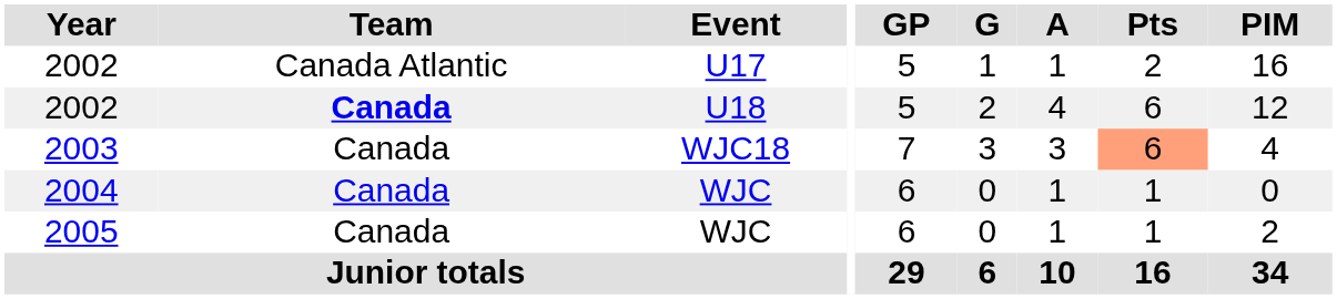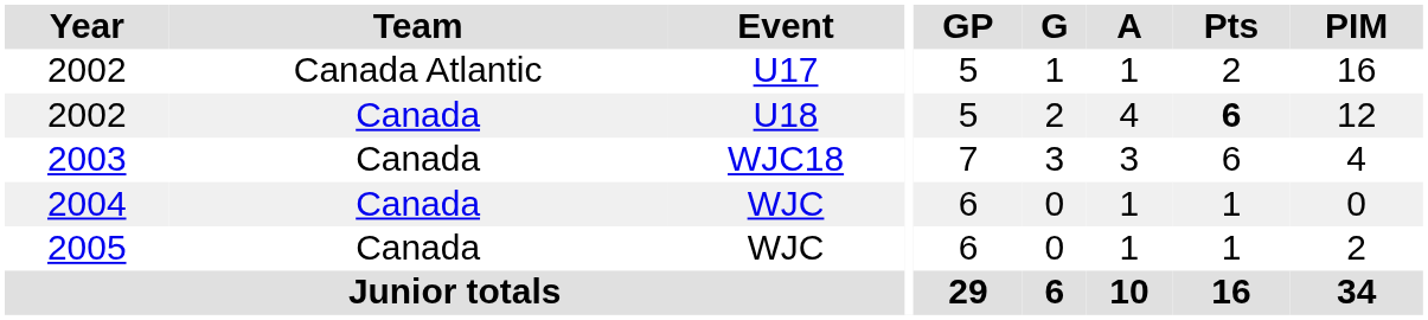 <table border="0" cellpadding="1" cellspacing="0" ID="Table3" style="text-align:center; width:40em">
 <tr ALIGN="center" bgcolor="#e0e0e0">
 <th>Year</th>
 <th>Team</th>
 <th>Event</th>
 <th rowspan="99" bgcolor="#ffffff"></th>
 <th>GP</th>
 <th>G</th>
 <th>A</th>
 <th>Pts</th>
 <th>PIM</th>
 </tr>
 <tr>
 <td 2002 World U17 Hockey Challenge>2002</td>
 <td>Canada Atlantic</td>
 <td><a href='#'>U17</a></td>
 <td>5</td>
 <td>1</td>
 <td>1</td>
 <td>2</td>
 <td>16</td>
 </tr>
 <tr bgcolor="#f0f0f0">
 <td>2002</td>
-<td><strong><a href='#'>Canada</a></strong></td>
+<td><a href='#'>Canada</a></td>
 <td><a href='#'>U18</a></td>
 <td>5</td>
 <td>2</td>
 <td>4</td>
-<td>6</td>
+<td><strong>6</strong></td>
 <td>12</td>
 </tr>
 <tr>
 <td><a href='#'>2003</a></td>
 <td>Canada</td>
 <td><a href='#'>WJC18</a></td>
 <td>7</td>
 <td>3</td>
 <td>3</td>
-<td style="background: lightsalmon;">6</td>
+<td>6</td>
 <td>4</td>
 </tr>
 <tr bgcolor="#f0f0f0">
 <td><a href='#'>2004</a></td>
 <td><a href='#'>Canada</a></td>
 <td><a href='#'>WJC</a></td>
 <td>6</td>
 <td>0</td>
 <td>1</td>
 <td>1</td>
 <td>0</td>
 </tr>
 <tr>
 <td><a href='#'>2005</a></td>
 <td>Canada</td>
 <td>WJC</td>
 <td>6</td>
 <td>0</td>
 <td>1</td>
 <td>1</td>
 <td>2</td>
 </tr>
 <tr bgcolor="#e0e0e0">
 <th colspan=3>Junior totals</th>
 <th>29</th>
 <th>6</th>
 <th>10</th>
 <th>16</th>
 <th>34</th>
 </tr>
 </table>
